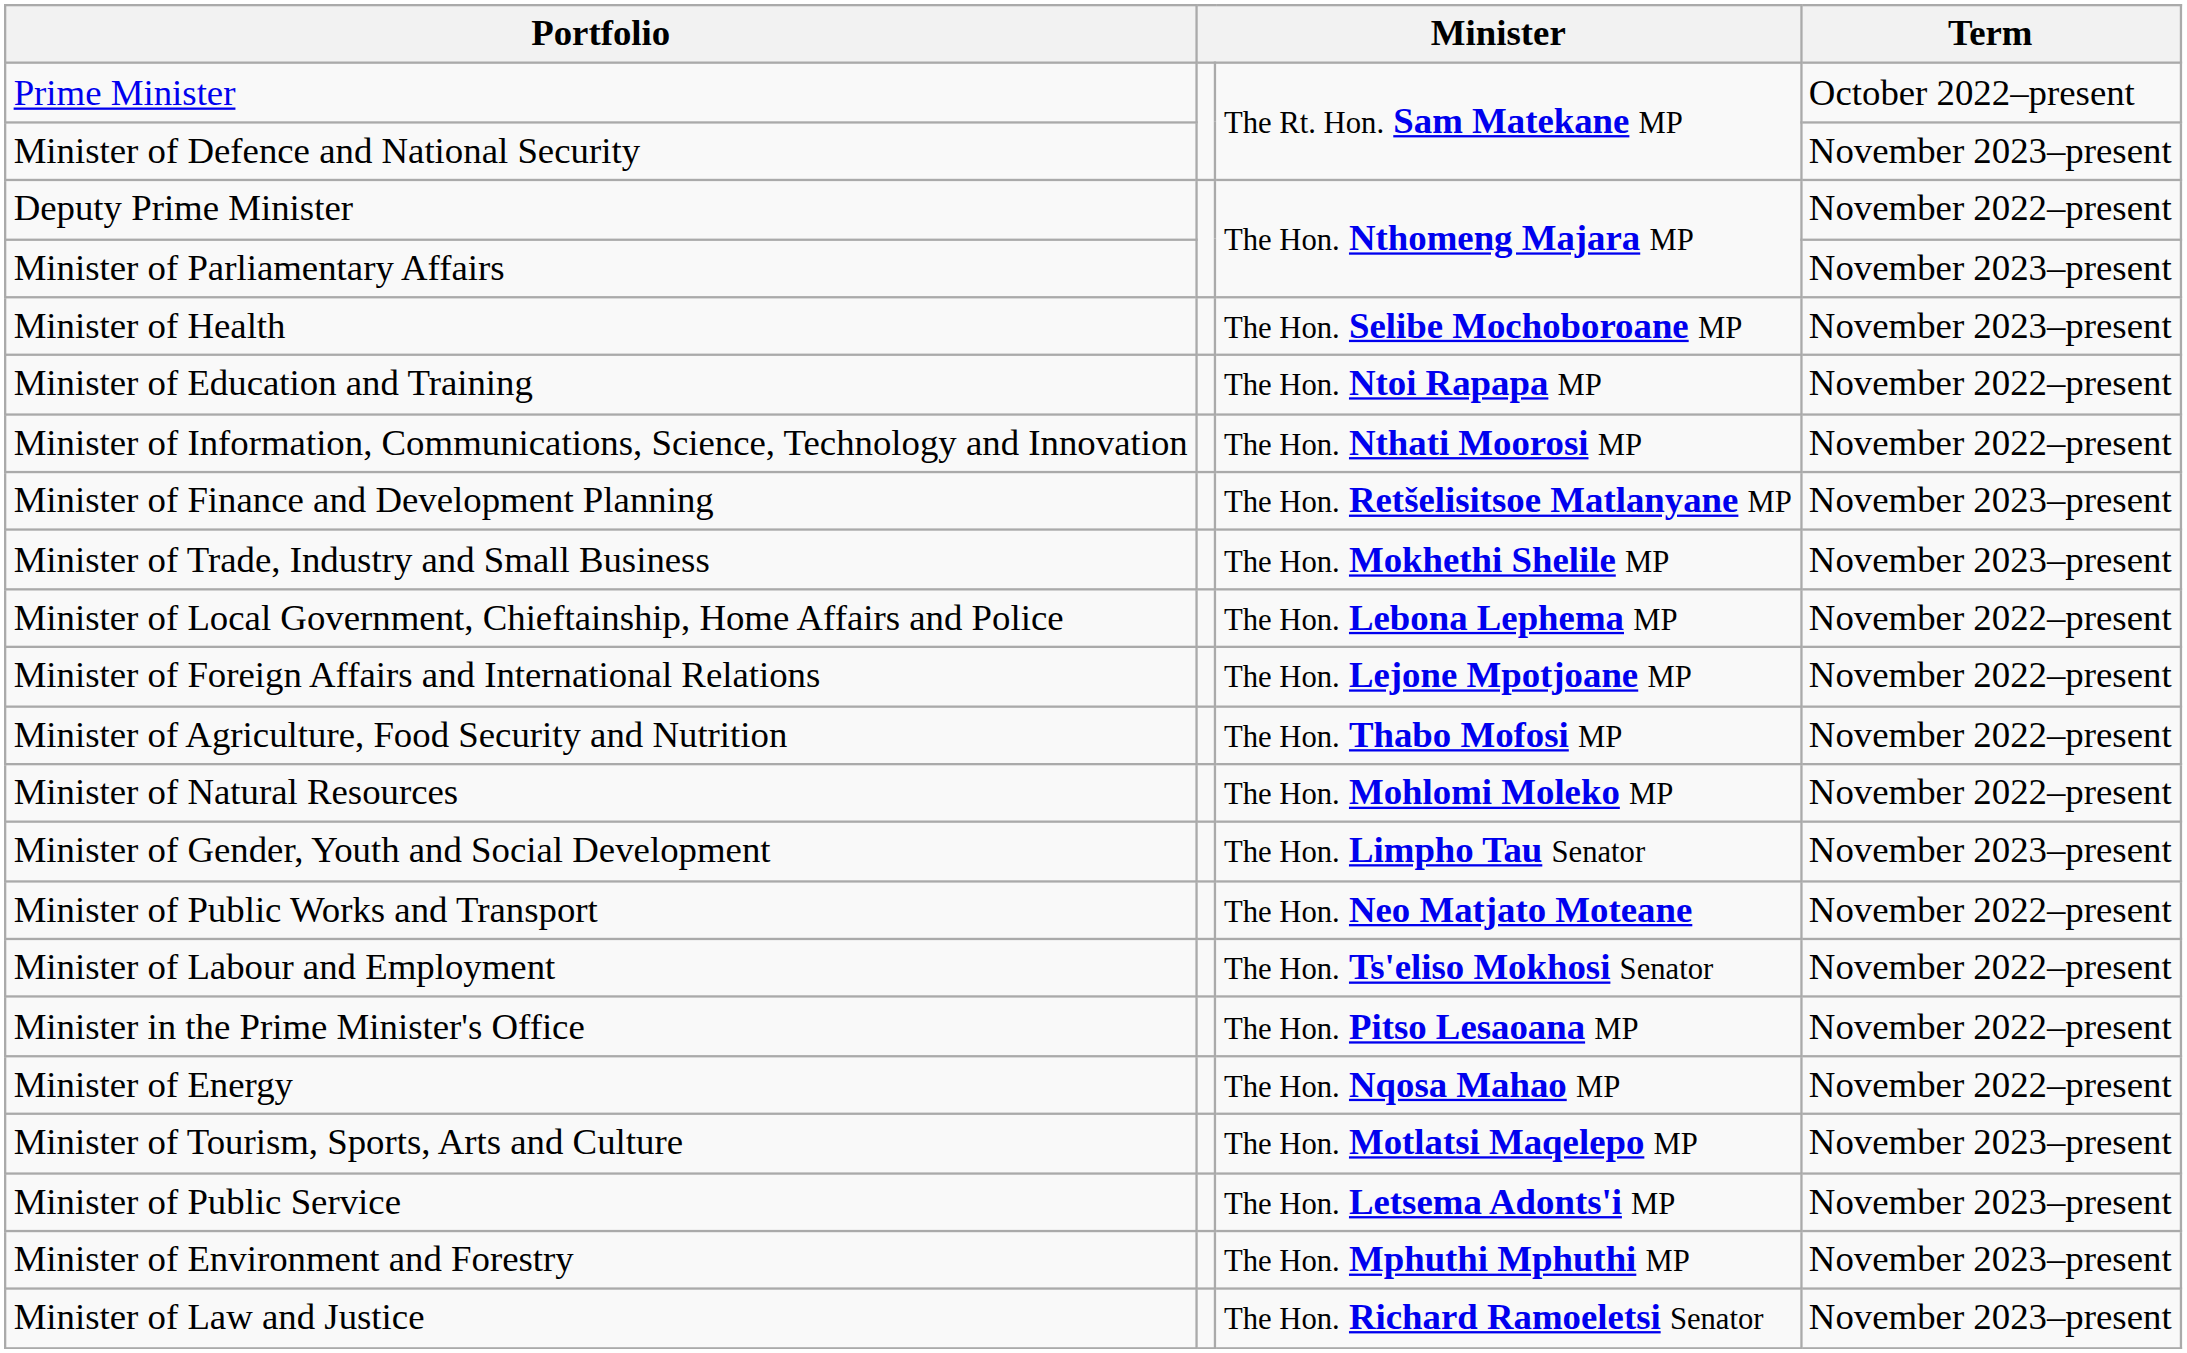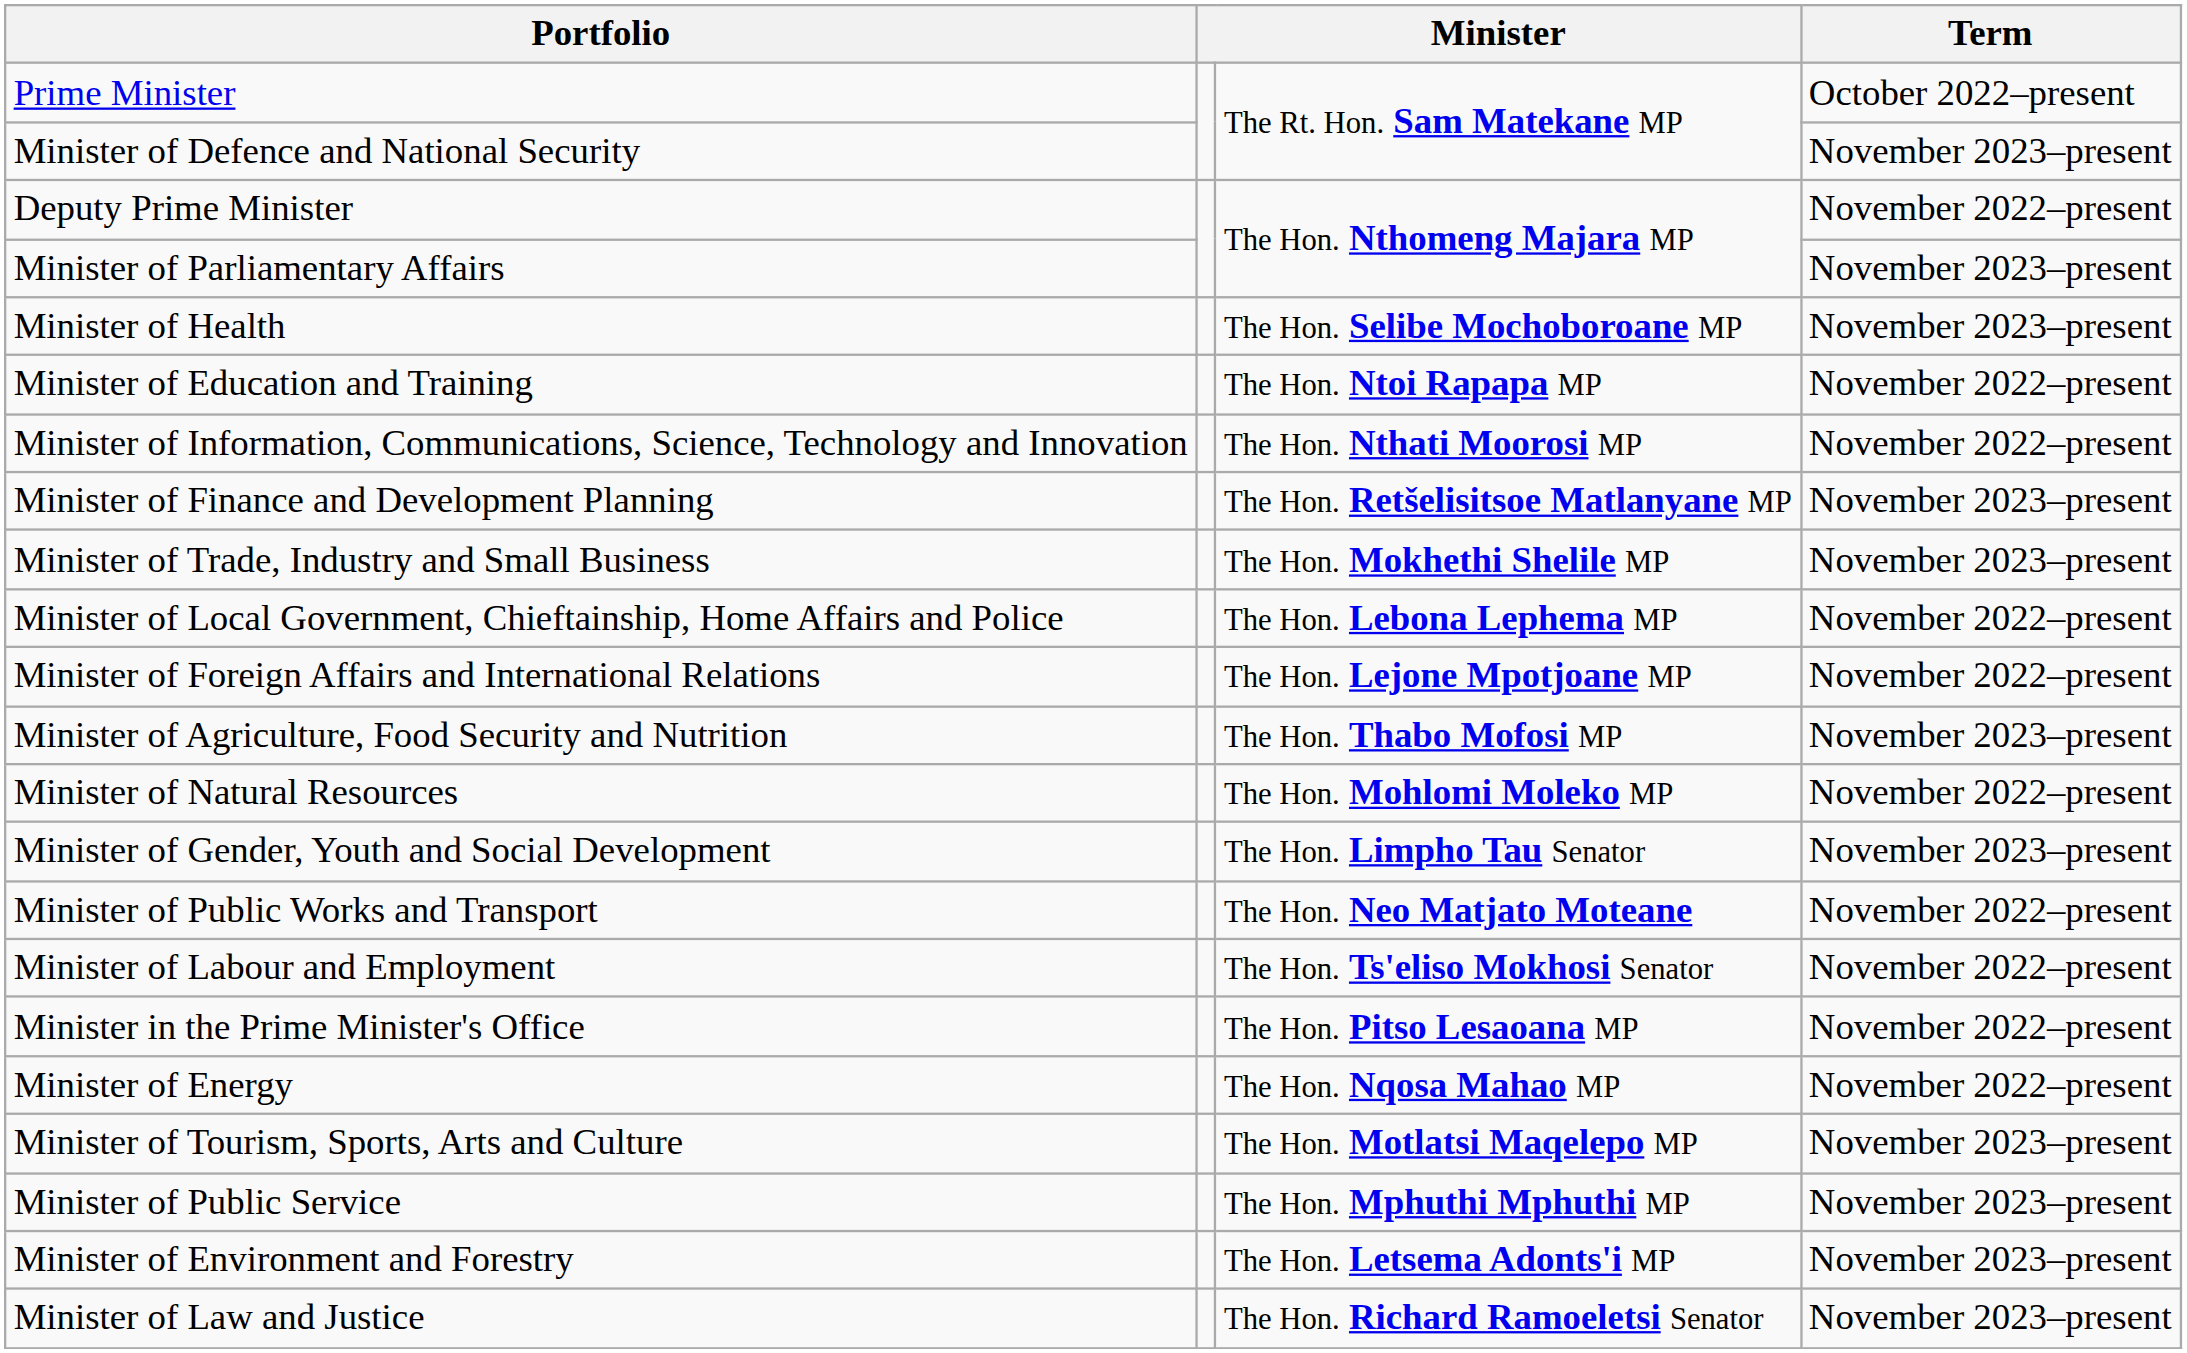 <table class="wikitable">
 <tr>
 <th>Portfolio</th>
 <th colspan=2>Minister</th>
 <th colspan=2>Term</th>
 </tr>
 <tr>
 <td><a href='#'>Prime Minister</a></td>
 <td rowspan=2 style="width:1px; background-color: "></td>
 <td rowspan=2><small>The Rt. Hon.</small> <strong><a href='#'>Sam Matekane</a></strong> <small>MP</small></td>
 <td>October 2022–present</td>
 </tr>
 <tr>
 <td>Minister of Defence and National Security</td>
 <td>November 2023–present</td>
 </tr>
 <tr>
 <td>Deputy Prime Minister</td>
 <td rowspan=2 style="width:1px; background-color: "></td>
 <td rowspan=2><small>The Hon.</small> <strong><a href='#'>Nthomeng Majara</a></strong> <small>MP</small></td>
 <td>November 2022–present</td>
 </tr>
 <tr>
 <td>Minister of Parliamentary Affairs</td>
 <td>November 2023–present</td>
 </tr>
 <tr>
 <td>Minister of Health</td>
 <td style="background:"></td>
 <td><small>The Hon.</small> <strong><a href='#'>Selibe Mochoboroane</a></strong> <small>MP</small></td>
 <td>November 2023–present</td>
 </tr>
 <tr>
 <td>Minister of Education and Training</td>
 <td style="background:"></td>
 <td><small>The Hon.</small> <strong><a href='#'>Ntoi Rapapa</a></strong> <small>MP</small></td>
 <td>November 2022–present</td>
 </tr>
 <tr>
 <td>Minister of Information, Communications, Science, Technology and Innovation</td>
 <td style="background:"></td>
 <td><small>The Hon.</small> <strong><a href='#'>Nthati Moorosi</a></strong> <small>MP</small></td>
 <td>November 2022–present</td>
 </tr>
 <tr>
 <td>Minister of Finance and Development Planning</td>
 <td style="background:"></td>
 <td><small>The Hon.</small> <strong><a href='#'>Retšelisitsoe Matlanyane</a></strong> <small>MP</small></td>
 <td>November 2023–present</td>
 </tr>
 <tr>
 <td>Minister of Trade, Industry and Small Business</td>
 <td style="background:"></td>
 <td><small>The Hon.</small> <strong><a href='#'>Mokhethi Shelile</a></strong> <small>MP</small></td>
 <td>November 2023–present</td>
 </tr>
 <tr>
 <td>Minister of Local Government, Chieftainship, Home Affairs and Police</td>
 <td style="background:"></td>
 <td><small>The Hon.</small> <strong><a href='#'>Lebona Lephema</a></strong> <small>MP</small></td>
 <td>November 2022–present</td>
 </tr>
 <tr>
 <td>Minister of Foreign Affairs and International Relations</td>
 <td style="background:"></td>
 <td><small>The Hon.</small> <strong><a href='#'>Lejone Mpotjoane</a></strong> <small>MP</small></td>
 <td>November 2022–present</td>
 </tr>
 <tr>
 <td>Minister of Agriculture, Food Security and Nutrition</td>
 <td style="background:"></td>
 <td><small>The Hon.</small> <strong><a href='#'>Thabo Mofosi</a></strong> <small>MP</small></td>
-<td>November 2022–present</td>
+<td>November 2023–present</td>
 </tr>
 <tr>
 <td>Minister of Natural Resources</td>
 <td style="background:"></td>
 <td><small>The Hon.</small> <strong><a href='#'>Mohlomi Moleko</a></strong> <small>MP</small></td>
 <td>November 2022–present</td>
 </tr>
 <tr>
 <td>Minister of Gender, Youth  and Social Development</td>
 <td style="background:"></td>
 <td><small>The Hon.</small> <strong><a href='#'>Limpho Tau</a></strong> <small>Senator</small></td>
 <td>November 2023–present</td>
 </tr>
 <tr>
 <td>Minister of Public Works and Transport</td>
 <td style="background:"></td>
 <td><small>The Hon.</small> <strong><a href='#'>Neo Matjato Moteane</a></strong></td>
 <td>November 2022–present</td>
 </tr>
 <tr>
 <td>Minister of Labour and Employment</td>
 <td style="background:"></td>
 <td><small>The Hon.</small> <strong><a href='#'>Ts'eliso Mokhosi</a></strong> <small>Senator</small></td>
 <td>November 2022–present</td>
 </tr>
 <tr>
 <td>Minister in the Prime Minister's Office</td>
 <td style="background:"></td>
 <td><small>The Hon.</small> <strong><a href='#'>Pitso Lesaoana</a></strong> <small>MP</small></td>
 <td>November 2022–present</td>
 </tr>
 <tr>
 <td>Minister of Energy</td>
 <td style="background:"></td>
 <td><small>The Hon.</small> <strong><a href='#'>Nqosa Mahao</a></strong> <small>MP</small></td>
 <td>November 2022–present</td>
 </tr>
 <tr>
 <td>Minister of Tourism, Sports, Arts and Culture</td>
 <td style="background:"></td>
 <td><small>The Hon.</small> <strong><a href='#'>Motlatsi Maqelepo</a></strong> <small>MP</small></td>
 <td>November 2023–present</td>
 </tr>
 <tr>
 <td>Minister of Public Service</td>
 <td style="background:"></td>
-<td><small>The Hon.</small> <strong><a href='#'>Letsema Adonts'i</a></strong>  <small>MP</small></td>
+<td><small>The Hon.</small> <strong><a href='#'>Mphuthi Mphuthi</a></strong> <small>MP</small></td>
 <td>November 2023–present</td>
 </tr>
 <tr>
 <td>Minister of Environment and Forestry</td>
 <td style="background:"></td>
-<td><small>The Hon.</small> <strong><a href='#'>Mphuthi Mphuthi</a></strong> <small>MP</small></td>
+<td><small>The Hon.</small> <strong><a href='#'>Letsema Adonts'i</a></strong>  <small>MP</small></td>
 <td>November 2023–present</td>
 </tr>
 <tr>
 <td>Minister of Law and Justice</td>
 <td style="background:"></td>
 <td><small>The Hon.</small> <strong><a href='#'>Richard Ramoeletsi</a></strong>  <small>Senator</small></td>
 <td>November 2023–present</td>
 </tr>
 </table>
